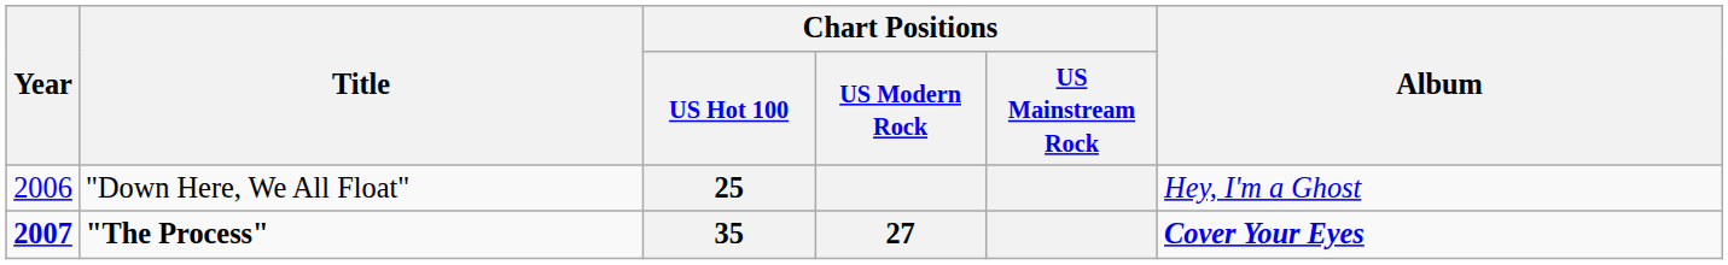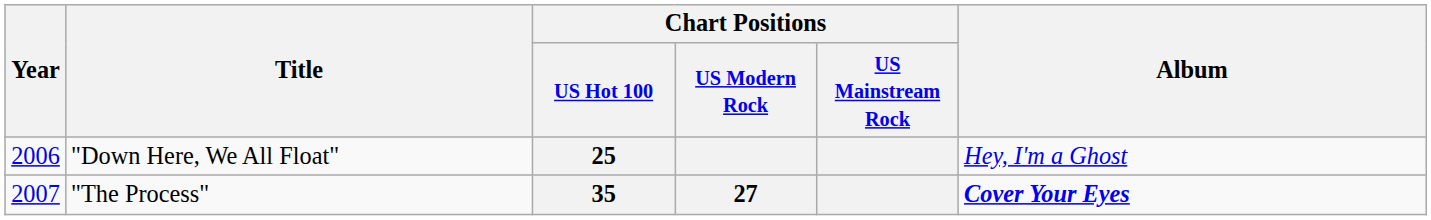 <table class="wikitable" style="margin:auto;">
 <tr>
 <th style="width:28px;" rowspan="2">Year</th>
 <th style="width:300px;" rowspan="2">Title</th>
 <th colspan="3">Chart Positions</th>
 <th style="width:300px;" rowspan="2">Album</th>
 </tr>
 <tr>
 <th style="width:86px;"><small><a href='#'>US Hot 100</a></small></th>
 <th style="width:86px;"><small><a href='#'>US Modern Rock</a></small></th>
 <th style="width:86px;"><small><a href='#'>US Mainstream Rock</a></small></th>
 </tr>
 <tr>
 <td><a href='#'>2006</a></td>
 <td>"Down Here, We All Float"</td>
 <th>25</th>
 <th></th>
 <th></th>
 <td><em><a href='#'>Hey, I'm a Ghost</a></em></td>
 </tr>
 <tr>
-<td><strong><a href='#'>2007</a></strong></td>
-<td><strong>"The Process"</strong></td>
+<td><a href='#'>2007</a></td>
+<td>"The Process"</td>
 <th>35</th>
 <th>27</th>
 <th></th>
 <td><strong><em><a href='#'>Cover Your Eyes</a></em></strong></td>
 </tr>
 </table>
